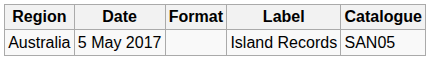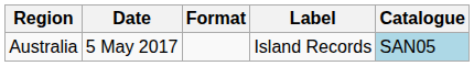 <table class="wikitable plainrowheaders">
 <tr>
 <th scope="col">Region</th>
 <th scope="col">Date</th>
 <th scope="col">Format</th>
 <th scope="col">Label</th>
 <th scope="col">Catalogue</th>
 </tr>
 <tr>
 <td>Australia</td>
 <td rowspan="2">5 May 2017</td>
 <td></td>
 <td>Island Records</td>
-<td>SAN05</td>
+<td style="background: lightblue;">SAN05</td>
 </tr>
 </table>
